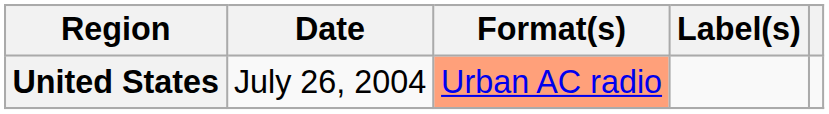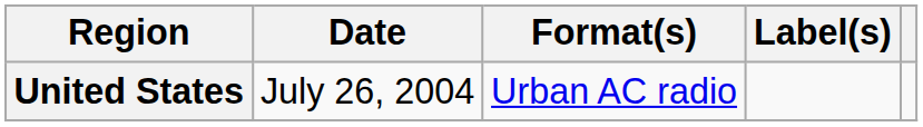 <table class="wikitable plainrowheaders" style="text-align:left">
 <tr>
 <th scope="col">Region</th>
 <th scope="col">Date</th>
 <th scope="col">Format(s)</th>
 <th scope="col">Label(s)</th>
 <th scope="col"></th>
 </tr>
 <tr>
 <th scope="row">United States</th>
 <td>July 26, 2004</td>
-<td style="background: lightsalmon;"><a href='#'>Urban AC radio</a></td>
+<td><a href='#'>Urban AC radio</a></td>
 <td></td>
 <td></td>
 </tr>
 <tr>
 </tr>
 </table>
